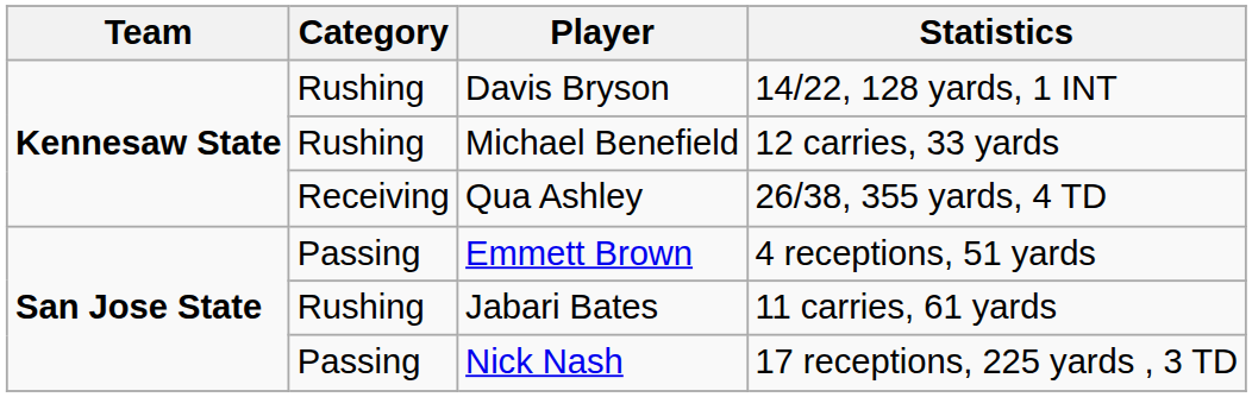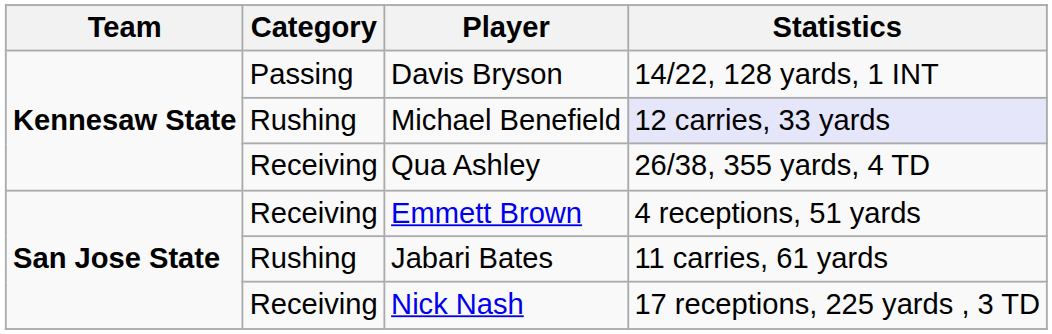 <table class="wikitable" style="float: right;">
 <tr>
 <th>Team</th>
 <th>Category</th>
 <th>Player</th>
 <th>Statistics</th>
 </tr>
 <tr>
 <td rowspan=3><strong>Kennesaw State</strong></td>
-<td>Rushing</td>
+<td>Passing</td>
 <td>Davis Bryson</td>
 <td>14/22, 128 yards, 1 INT</td>
 </tr>
 <tr>
 <td>Rushing</td>
 <td>Michael Benefield</td>
-<td>12 carries, 33 yards</td>
+<td style="background: lavender;">12 carries, 33 yards</td>
 </tr>
 <tr>
 <td>Receiving</td>
 <td>Qua Ashley</td>
 <td>26/38, 355 yards, 4 TD</td>
 </tr>
 <tr>
 <td rowspan=3><strong>San Jose State</strong></td>
-<td>Passing</td>
+<td>Receiving</td>
 <td><a href='#'>Emmett Brown</a></td>
 <td>4 receptions, 51 yards</td>
 </tr>
 <tr>
 <td>Rushing</td>
 <td>Jabari Bates</td>
 <td>11 carries, 61 yards</td>
 </tr>
 <tr>
-<td>Passing</td>
+<td>Receiving</td>
 <td><a href='#'>Nick Nash</a></td>
 <td>17 receptions, 225 yards , 3 TD</td>
 </tr>
 </table>
